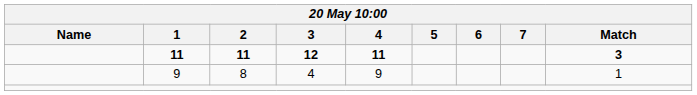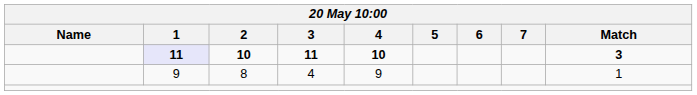 <table class=wikitable style="text-align:center; width: 55%">
 <tr>
 <th colspan=17><em>20 May 10:00</em></th>
 </tr>
 <tr>
 <th>Name</th>
 <th>1</th>
 <th>2</th>
 <th>3</th>
 <th>4</th>
 <th>5</th>
 <th>6</th>
 <th>7</th>
 <th>Match</th>
 </tr>
 <tr>
 <td style="text-align:left;"><strong></strong></td>
+<td style="background: lavender;"><strong>11</strong></td>
+<td><strong>10</strong></td>
 <td><strong>11</strong></td>
-<td><strong>11</strong></td>
-<td><strong>12</strong></td>
-<td><strong>11</strong></td>
+<td><strong>10</strong></td>
 <td></td>
 <td></td>
 <td></td>
 <td><strong>3</strong></td>
 </tr>
 <tr>
 <td style="text-align:left;"></td>
 <td>9</td>
 <td>8</td>
 <td>4</td>
 <td>9</td>
 <td></td>
 <td></td>
 <td></td>
 <td>1</td>
 </tr>
 <tr>
 <td colspan=17></td>
 </tr>
 </table>
